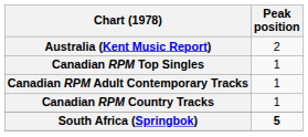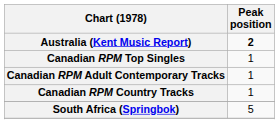 <table class="wikitable sortable plainrowheaders">
 <tr>
 <th scope="col">Chart (1978)</th>
 <th scope="col">Peak<br>position</th>
 </tr>
 <tr>
 <th scope="row">Australia (<a href='#'>Kent Music Report</a>)</th>
-<td style="text-align:center;">2</td>
+<td style="text-align:center;"><strong>2</strong></td>
 </tr>
 <tr>
 <th scope="row">Canadian <em>RPM</em> Top Singles</th>
 <td style="text-align:center;">1</td>
 </tr>
 <tr>
 <th scope="row">Canadian <em>RPM</em> Adult Contemporary Tracks</th>
 <td style="text-align:center;">1</td>
 </tr>
 <tr>
 <th scope="row">Canadian <em>RPM</em> Country Tracks</th>
 <td style="text-align:center;">1</td>
 </tr>
 <tr>
 </tr>
 <tr>
 </tr>
 <tr>
 </tr>
 <tr>
 <th scope="row">South Africa (<a href='#'>Springbok</a>)</th>
-<td align="center"><strong>5</strong></td>
+<td align="center">5</td>
 </tr>
 <tr>
 </tr>
 <tr>
 </tr>
 <tr>
 </tr>
 <tr>
 </tr>
 </table>
